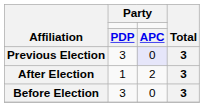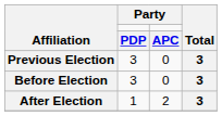 <table class=wikitable style="text-align:center">
 <tr style="vertical-align:bottom;">
 <th rowspan=3>Affiliation</th>
 <th colspan=2>Party</th>
 <th rowspan=3>Total</th>
 </tr>
 <tr>
 <td style="background-color:"></td>
 <td style="background-color:"></td>
 </tr>
 <tr>
 <th><a href='#'>PDP</a></th>
 <th><a href='#'>APC</a></th>
 </tr>
 <tr>
 <th>Previous Election</th>
 <td>3</td>
-<td style="background: lavender;">0</td>
+<td>0</td>
+<th>3</th>
+</tr>
+<tr>
+<th>Before Election</th>
+<td>3</td>
+<td>0</td>
 <th>3</th>
 </tr>
 <tr>
 <th>After Election</th>
 <td>1</td>
 <td>2</td>
 <th>3</th>
 </tr>
 <tr>
-<th>Before Election</th>
-<td>3</td>
-<td>0</td>
-<th>3</th>
-</tr>
-<tr>
 </tr>
 </table>
